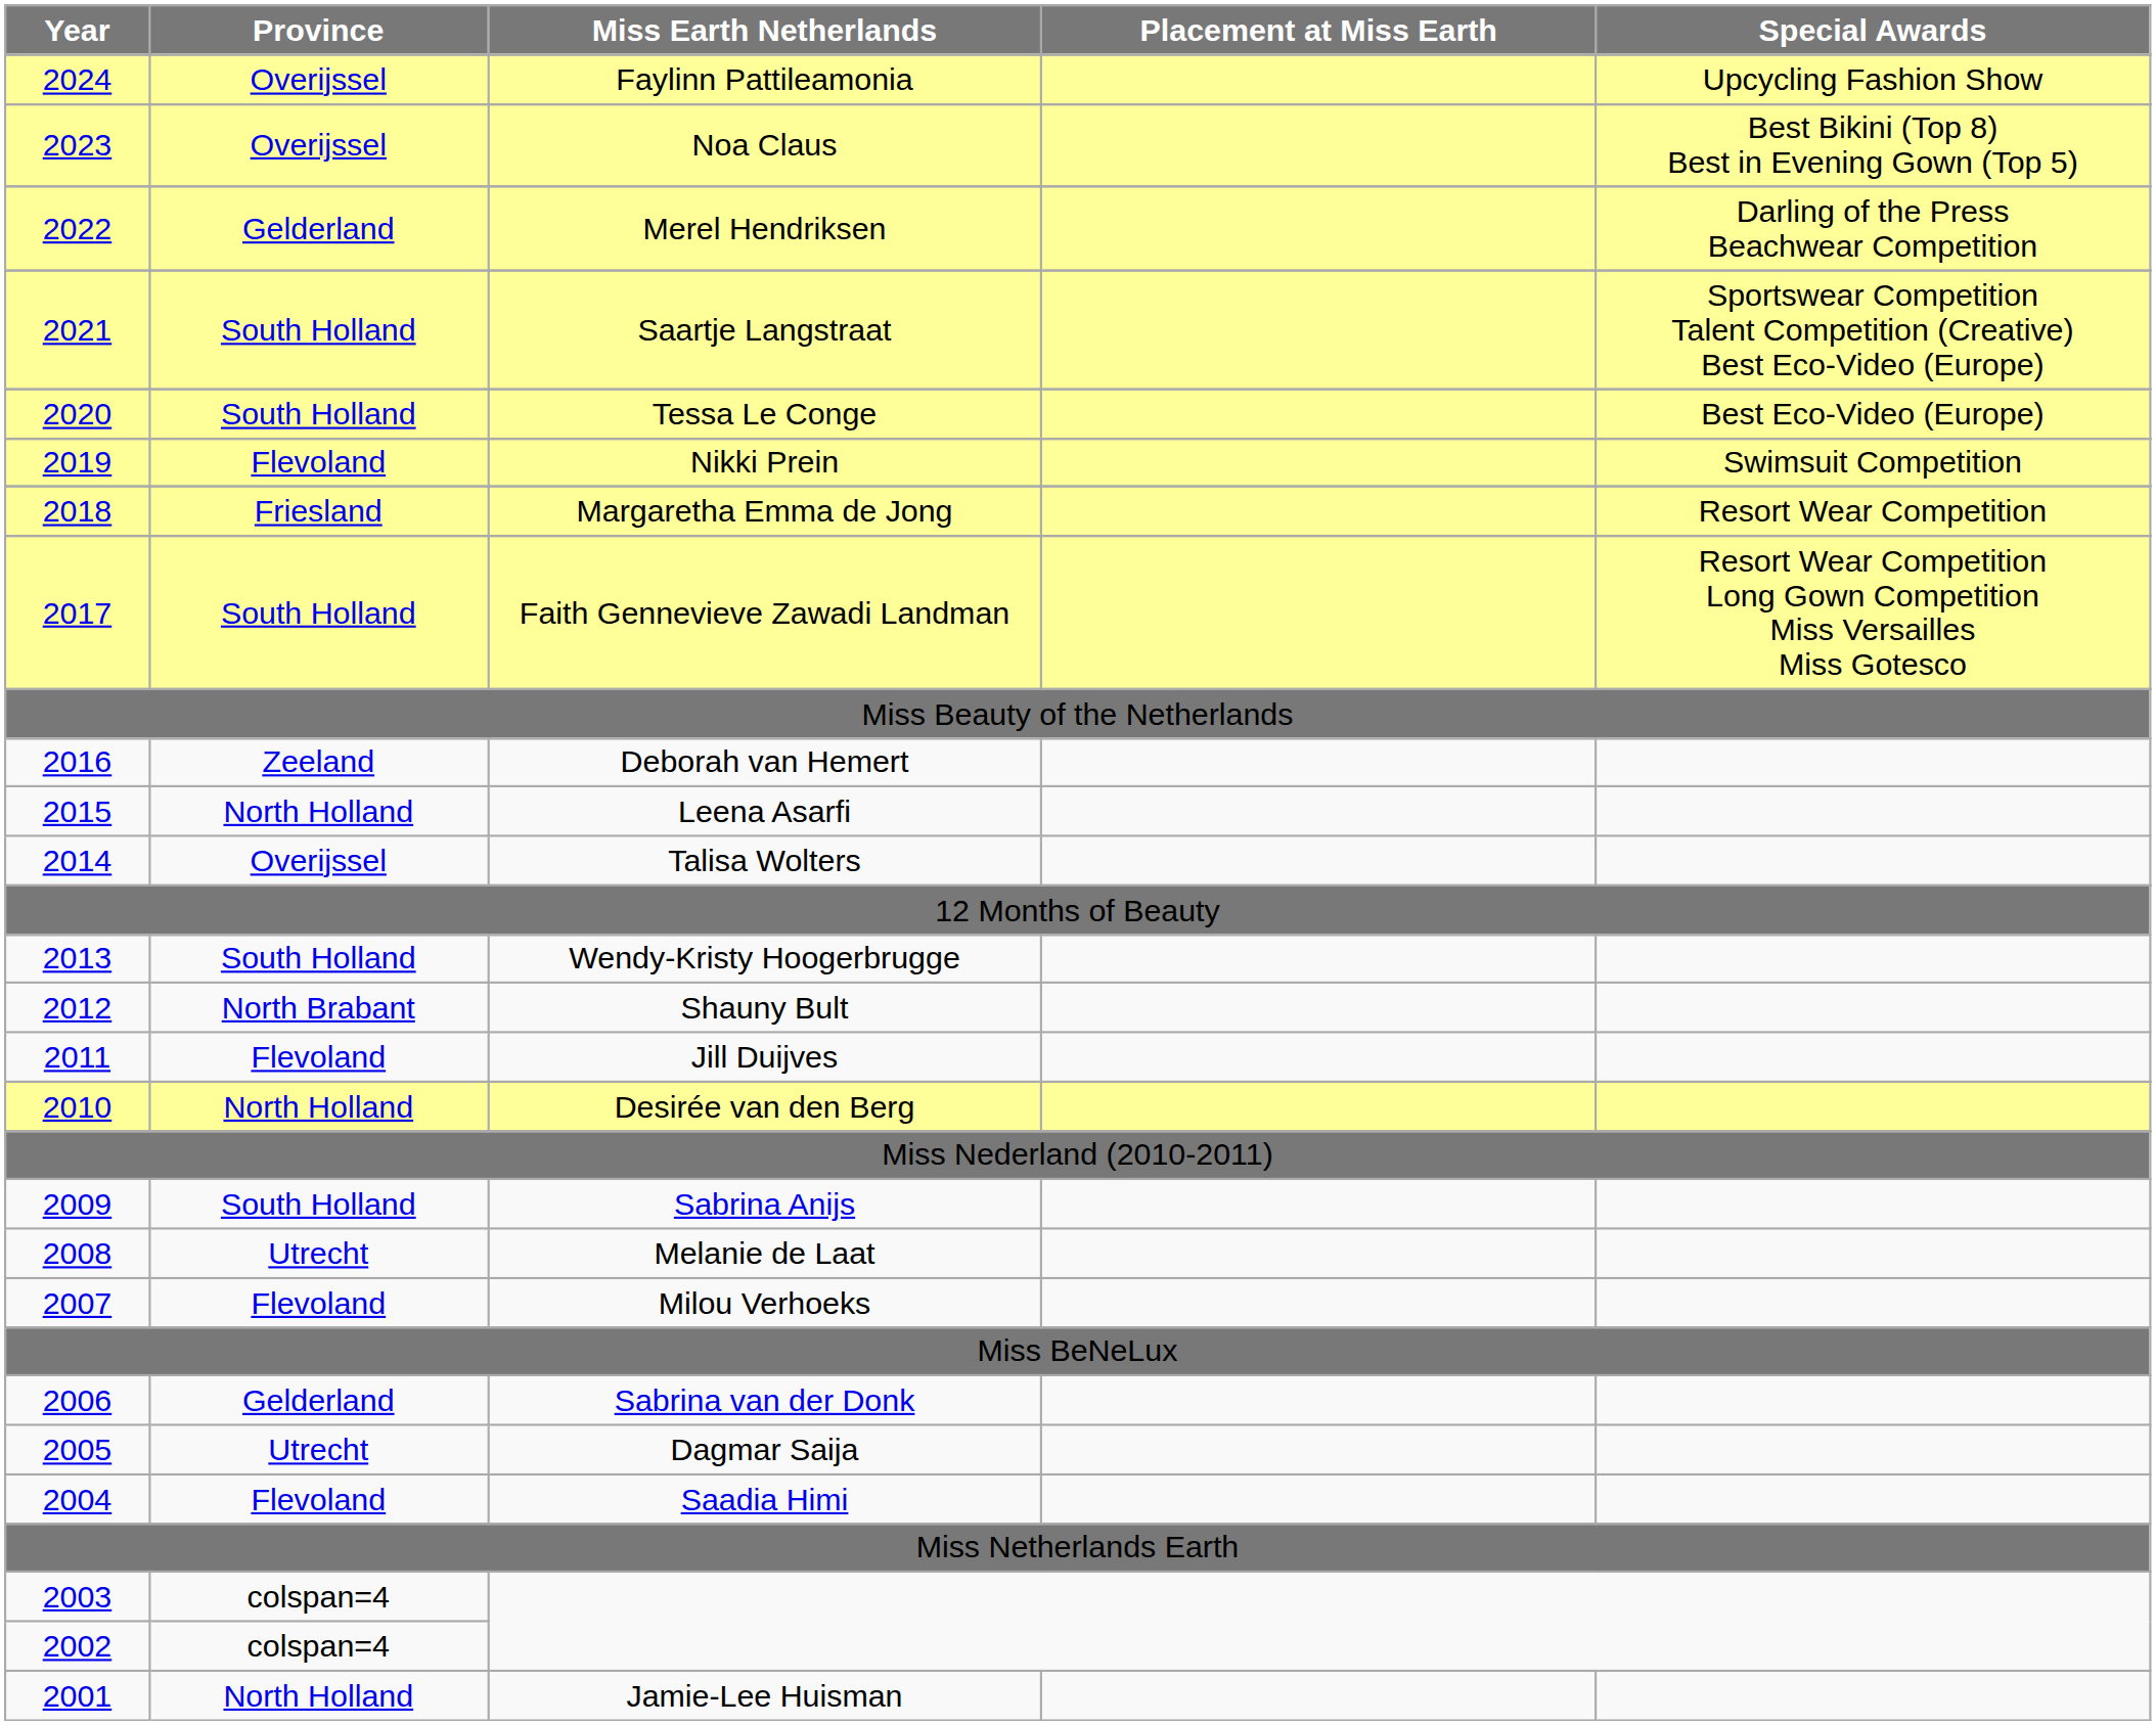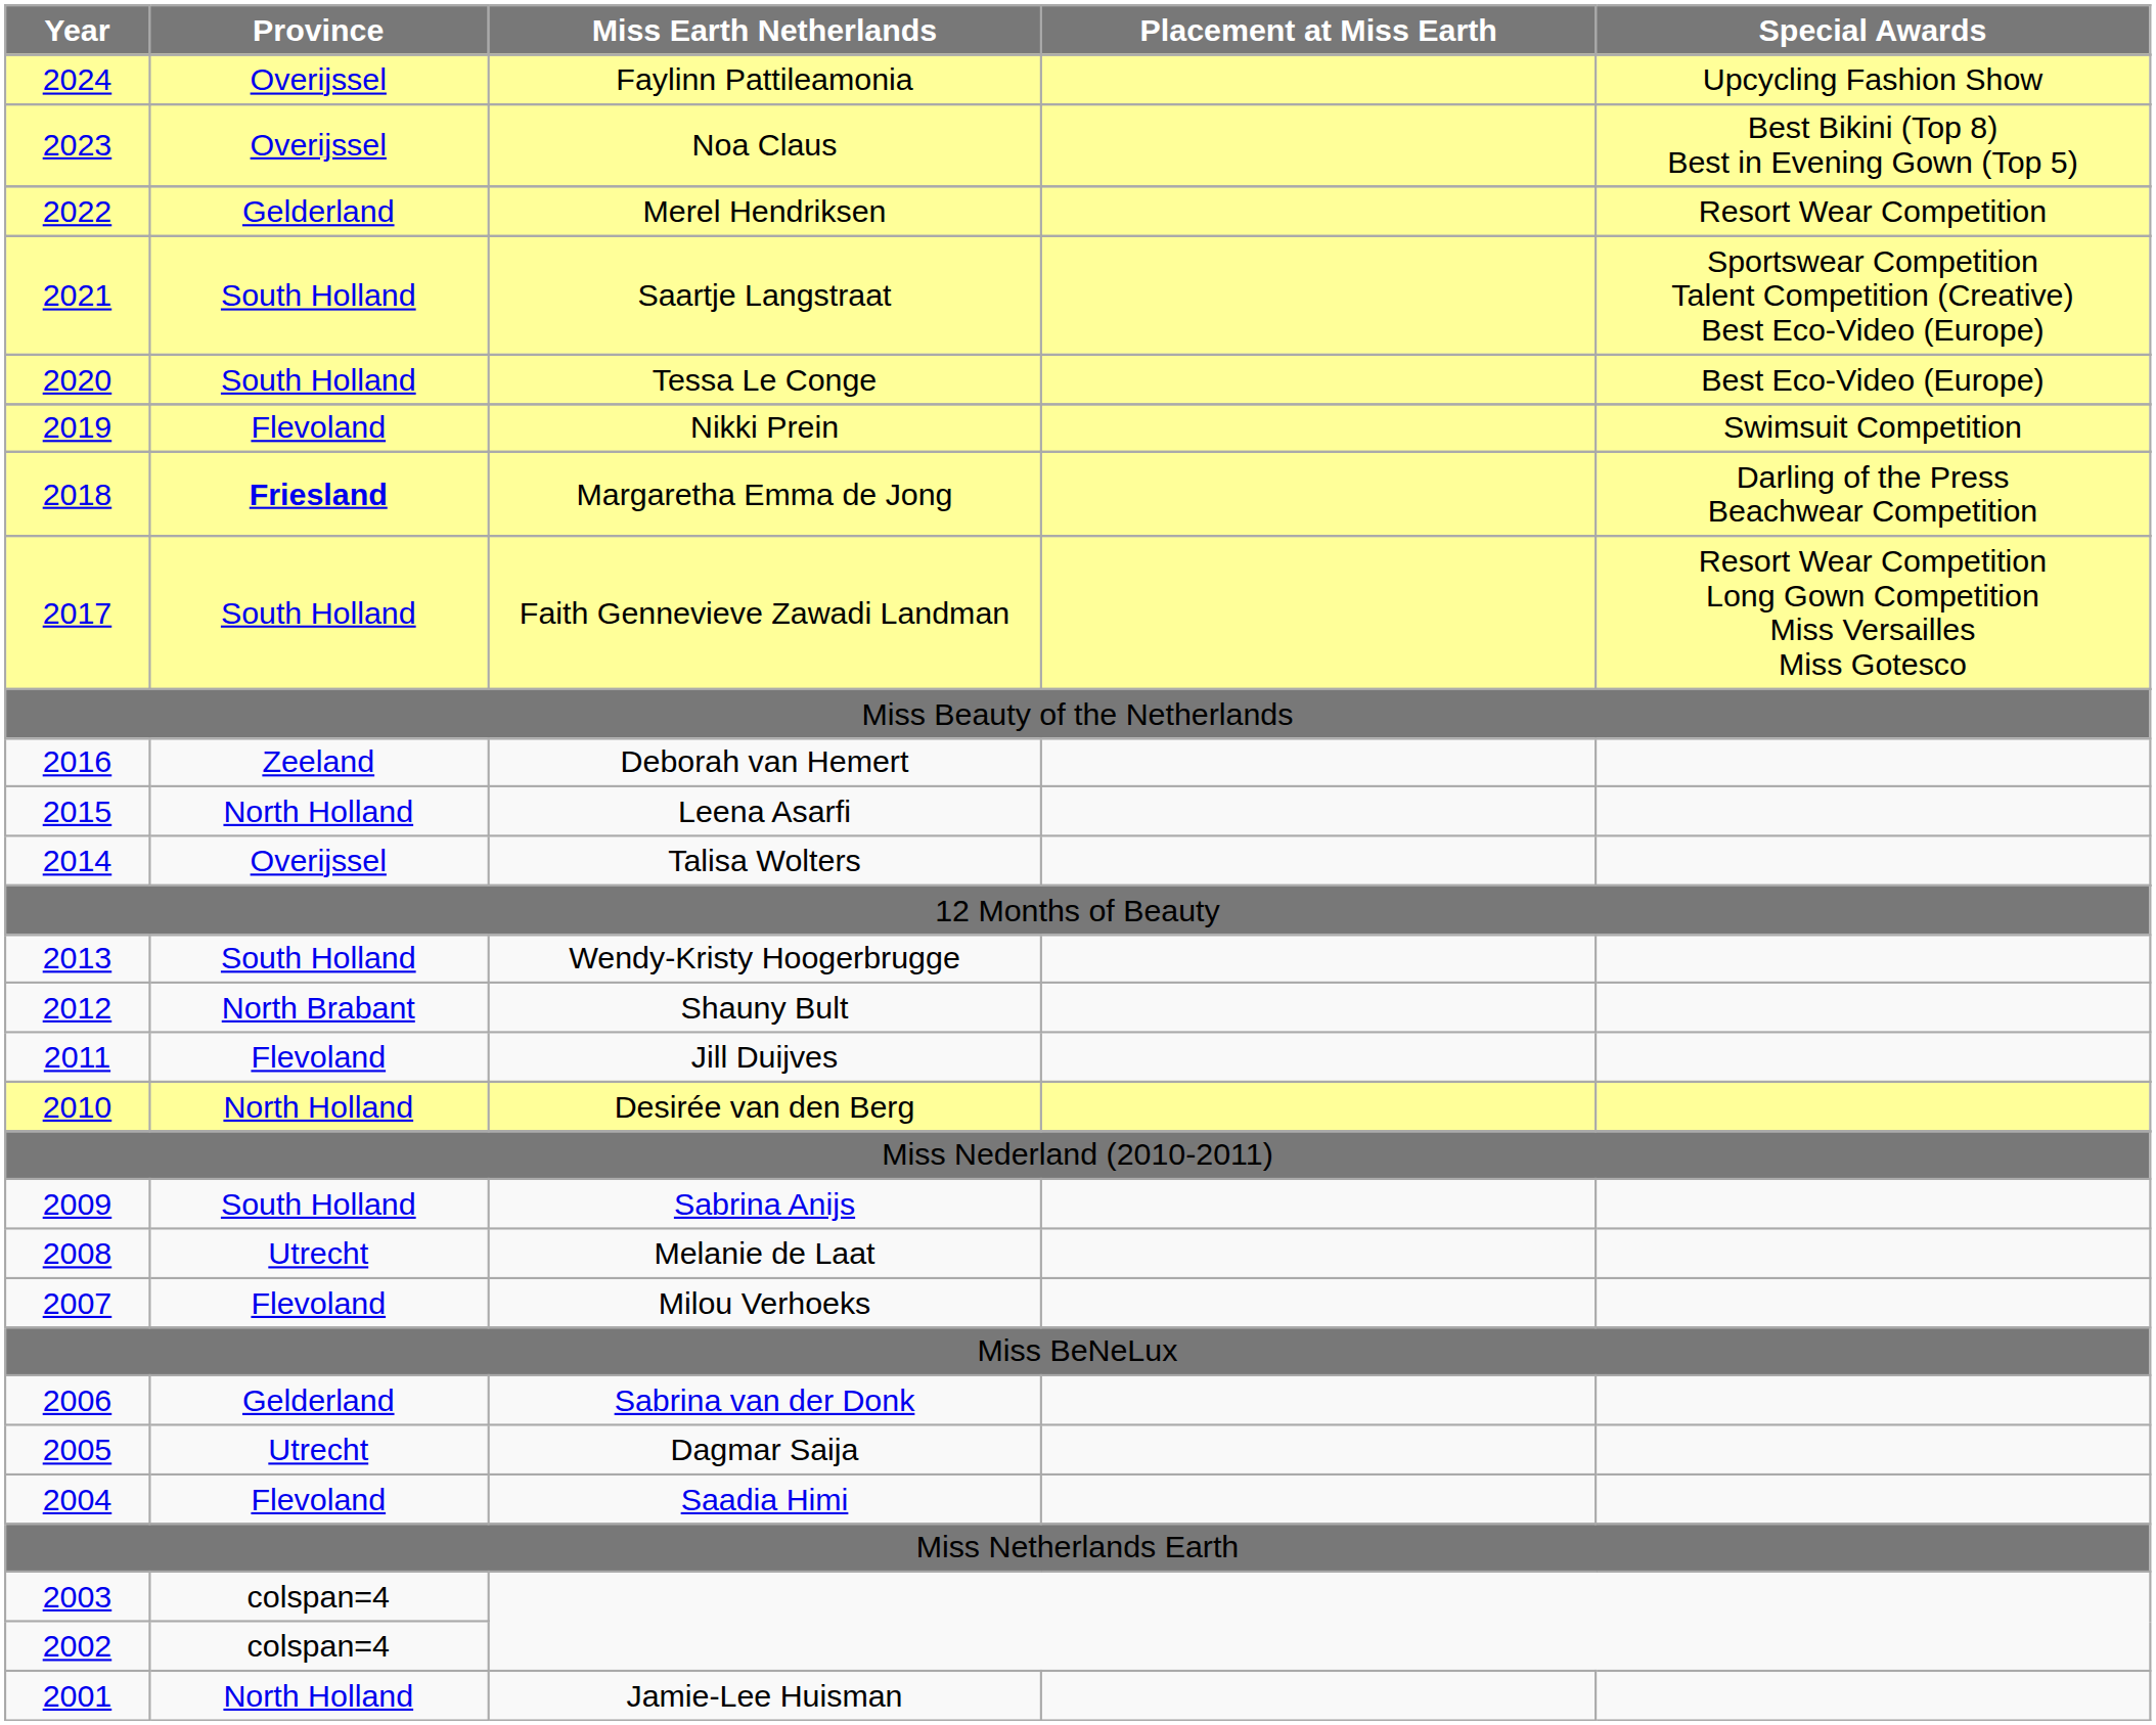 <table class="wikitable " style="font-size: 90%; text-align:center;">
 <tr>
 <th width="60" style="background-color:#787878;color:#FFFFFF;">Year</th>
 <th width="150" style="background-color:#787878;color:#FFFFFF;">Province</th>
 <th width="250" style="background-color:#787878;color:#FFFFFF;">Miss Earth Netherlands</th>
 <th width="250" style="background-color:#787878;color:#FFFFFF;">Placement at Miss Earth</th>
 <th width="250" style="background-color:#787878;color:#FFFFFF;">Special Awards</th>
 </tr>
 <tr>
 </tr>
 <tr style="background-color:#FFFF99; ">
 <td><a href='#'>2024</a></td>
 <td><a href='#'>Overijssel</a></td>
 <td>Faylinn Pattileamonia</td>
 <td></td>
 <td> Upcycling Fashion Show</td>
 </tr>
 <tr>
 </tr>
 <tr style="background-color:#FFFF99; ">
 <td><a href='#'>2023</a></td>
 <td><a href='#'>Overijssel</a></td>
 <td>Noa Claus</td>
 <td></td>
 <td>Best Bikini (Top 8) <br> Best in Evening Gown (Top 5)</td>
 </tr>
 <tr>
 </tr>
 <tr style="background-color:#FFFF99; ">
 <td><a href='#'>2022</a></td>
 <td><a href='#'>Gelderland</a></td>
 <td>Merel Hendriksen</td>
 <td></td>
-<td> Darling of the Press <br>  Beachwear Competition</td>
+<td> Resort Wear Competition</td>
 </tr>
 <tr>
 </tr>
 <tr style="background-color:#FFFF99; ">
 <td><a href='#'>2021</a></td>
 <td><a href='#'>South Holland</a></td>
 <td>Saartje Langstraat</td>
 <td></td>
 <td> Sportswear Competition <br>  Talent Competition (Creative) <br> Best Eco-Video (Europe)</td>
 </tr>
 <tr>
 </tr>
 <tr style="background-color:#FFFF99; ">
 <td><a href='#'>2020</a></td>
 <td><a href='#'>South Holland</a></td>
 <td>Tessa Le Conge</td>
 <td></td>
 <td>Best Eco-Video (Europe)</td>
 </tr>
 <tr>
 </tr>
 <tr style="background-color:#FFFF99; ">
 <td><a href='#'>2019</a></td>
 <td><a href='#'>Flevoland</a></td>
 <td>Nikki Prein</td>
 <td></td>
 <td> Swimsuit Competition</td>
 </tr>
 <tr>
 </tr>
 <tr style="background-color:#FFFF99; ">
 <td><a href='#'>2018</a></td>
-<td><a href='#'>Friesland</a></td>
+<td><strong><a href='#'>Friesland</a></strong></td>
 <td>Margaretha Emma de Jong</td>
 <td></td>
-<td> Resort Wear Competition</td>
+<td> Darling of the Press <br>  Beachwear Competition</td>
 </tr>
 <tr>
 </tr>
 <tr style="background-color:#FFFF99; ">
 <td><a href='#'>2017</a></td>
 <td><a href='#'>South Holland</a></td>
 <td>Faith Gennevieve Zawadi Landman</td>
 <td></td>
 <td> Resort Wear Competition <br>  Long Gown Competition <br> Miss Versailles <br> Miss Gotesco</td>
 </tr>
 <tr>
 </tr>
 <tr bgcolor="#787878" align="center">
 <td colspan="5"><span>Miss Beauty of the Netherlands</span></td>
 </tr>
 <tr>
 <td><a href='#'>2016</a></td>
 <td><a href='#'>Zeeland</a></td>
 <td>Deborah van Hemert</td>
 <td></td>
 <td></td>
 </tr>
 <tr>
 <td><a href='#'>2015</a></td>
 <td><a href='#'>North Holland</a></td>
 <td>Leena Asarfi</td>
 <td></td>
 <td></td>
 </tr>
 <tr>
 <td><a href='#'>2014</a></td>
 <td><a href='#'>Overijssel</a></td>
 <td>Talisa Wolters</td>
 <td></td>
 <td></td>
 </tr>
 <tr>
 </tr>
 <tr bgcolor="#787878" align="center">
 <td colspan="5"><span>12 Months of Beauty</span></td>
 </tr>
 <tr>
 <td><a href='#'>2013</a></td>
 <td><a href='#'>South Holland</a></td>
 <td>Wendy-Kristy Hoogerbrugge</td>
 <td></td>
 <td></td>
 </tr>
 <tr>
 <td><a href='#'>2012</a></td>
 <td><a href='#'>North Brabant</a></td>
 <td>Shauny Bult</td>
 <td></td>
 <td></td>
 </tr>
 <tr>
 <td><a href='#'>2011</a></td>
 <td><a href='#'>Flevoland</a></td>
 <td>Jill Duijves</td>
 <td></td>
 <td></td>
 </tr>
 <tr>
 </tr>
 <tr style="background-color:#FFFF99; ">
 <td><a href='#'>2010</a></td>
 <td><a href='#'>North Holland</a></td>
 <td>Desirée van den Berg</td>
 <td></td>
 <td></td>
 </tr>
 <tr>
 </tr>
 <tr bgcolor="#787878" align="center">
 <td colspan="5"><span>Miss Nederland (2010-2011)</span></td>
 </tr>
 <tr>
 <td><a href='#'>2009</a></td>
 <td><a href='#'>South Holland</a></td>
 <td><a href='#'>Sabrina Anijs</a></td>
 <td></td>
 <td></td>
 </tr>
 <tr>
 <td><a href='#'>2008</a></td>
 <td><a href='#'>Utrecht</a></td>
 <td>Melanie de Laat</td>
 <td></td>
 <td></td>
 </tr>
 <tr>
 <td><a href='#'>2007</a></td>
 <td><a href='#'>Flevoland</a></td>
 <td>Milou Verhoeks</td>
 <td></td>
 <td></td>
 </tr>
 <tr bgcolor="#787878" align="center">
 <td colspan="5"><span>Miss BeNeLux</span></td>
 </tr>
 <tr>
 <td><a href='#'>2006</a></td>
 <td><a href='#'>Gelderland</a></td>
 <td><a href='#'>Sabrina van der Donk</a></td>
 <td></td>
 </tr>
 <tr>
 <td><a href='#'>2005</a></td>
 <td><a href='#'>Utrecht</a></td>
 <td>Dagmar Saija</td>
 <td></td>
 <td></td>
 </tr>
 <tr>
 <td><a href='#'>2004</a></td>
 <td><a href='#'>Flevoland</a></td>
 <td><a href='#'>Saadia Himi</a></td>
 <td></td>
 <td></td>
 </tr>
 <tr bgcolor="#787878" align="center">
 <td colspan="5"><span>Miss Netherlands Earth</span></td>
 </tr>
 <tr>
 <td><a href='#'>2003</a></td>
 <td>colspan=4 </td>
 </tr>
 <tr>
 <td><a href='#'>2002</a></td>
 <td>colspan=4 </td>
 </tr>
 <tr>
 <td><a href='#'>2001</a></td>
 <td><a href='#'>North Holland</a></td>
 <td>Jamie-Lee Huisman</td>
 <td></td>
 <td></td>
 </tr>
 </table>
